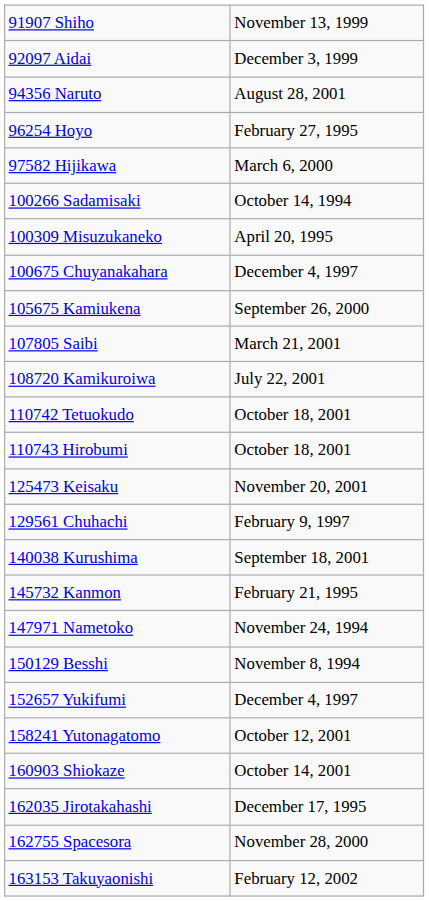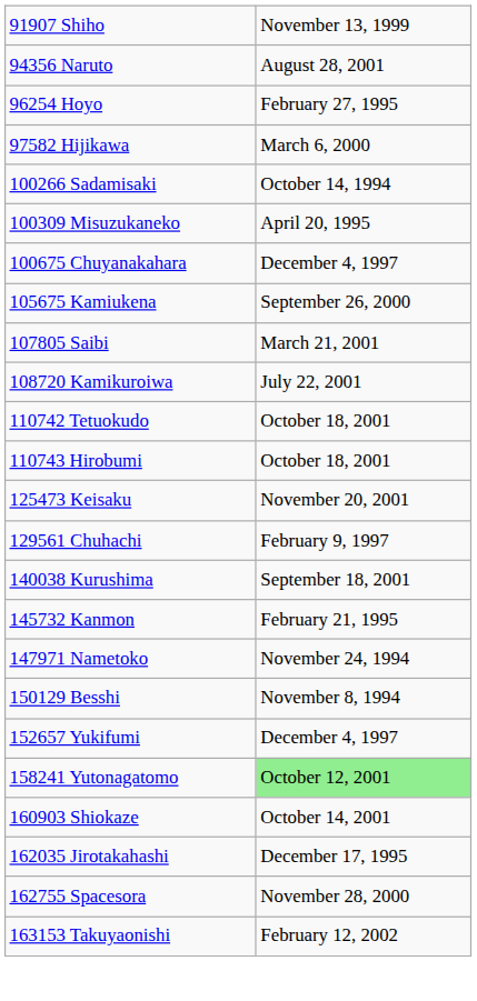 <table class="wikitable" style="font-size: 89%; float: left; width: 25em; margin-right: 1em; line-height: 1.65em !important; height: 540px;">
 <tr>
 <td><a href='#'>91907 Shiho</a></td>
 <td>November 13, 1999</td>
-</tr>
-<tr>
-<td><a href='#'>92097 Aidai</a></td>
-<td>December 3, 1999</td>
 </tr>
 <tr>
 <td><a href='#'>94356 Naruto</a></td>
 <td>August 28, 2001</td>
 </tr>
 <tr>
 <td><a href='#'>96254 Hoyo</a></td>
 <td>February 27, 1995</td>
 </tr>
 <tr>
 <td><a href='#'>97582 Hijikawa</a></td>
 <td>March 6, 2000</td>
 </tr>
 <tr>
 <td><a href='#'>100266 Sadamisaki</a></td>
 <td>October 14, 1994</td>
 </tr>
 <tr>
 <td><a href='#'>100309 Misuzukaneko</a></td>
 <td>April 20, 1995</td>
 </tr>
 <tr>
 <td><a href='#'>100675 Chuyanakahara</a></td>
 <td>December 4, 1997</td>
 </tr>
 <tr>
 <td><a href='#'>105675 Kamiukena</a></td>
 <td>September 26, 2000</td>
 </tr>
 <tr>
 <td><a href='#'>107805 Saibi</a></td>
 <td>March 21, 2001</td>
 </tr>
 <tr>
 <td><a href='#'>108720 Kamikuroiwa</a></td>
 <td>July 22, 2001</td>
 </tr>
 <tr>
 <td><a href='#'>110742 Tetuokudo</a></td>
 <td>October 18, 2001</td>
 </tr>
 <tr>
 <td><a href='#'>110743 Hirobumi</a></td>
 <td>October 18, 2001</td>
 </tr>
 <tr>
 <td><a href='#'>125473 Keisaku</a></td>
 <td>November 20, 2001</td>
 </tr>
 <tr>
 <td><a href='#'>129561 Chuhachi</a></td>
 <td>February 9, 1997</td>
 </tr>
 <tr>
 <td><a href='#'>140038 Kurushima</a></td>
 <td>September 18, 2001</td>
 </tr>
 <tr>
 <td><a href='#'>145732 Kanmon</a></td>
 <td>February 21, 1995</td>
 </tr>
 <tr>
 <td><a href='#'>147971 Nametoko</a></td>
 <td>November 24, 1994</td>
 </tr>
 <tr>
 <td><a href='#'>150129 Besshi</a></td>
 <td>November 8, 1994</td>
 </tr>
 <tr>
 <td><a href='#'>152657 Yukifumi</a></td>
 <td>December 4, 1997</td>
 </tr>
 <tr>
 <td><a href='#'>158241 Yutonagatomo</a></td>
-<td>October 12, 2001</td>
+<td style="background: lightgreen;">October 12, 2001</td>
 </tr>
 <tr>
 <td><a href='#'>160903 Shiokaze</a></td>
 <td>October 14, 2001</td>
 </tr>
 <tr>
 <td><a href='#'>162035 Jirotakahashi</a></td>
 <td>December 17, 1995</td>
 </tr>
 <tr>
 <td><a href='#'>162755 Spacesora</a></td>
 <td>November 28, 2000</td>
 </tr>
 <tr>
 <td><a href='#'>163153 Takuyaonishi</a></td>
 <td>February 12, 2002</td>
 </tr>
 </table>
